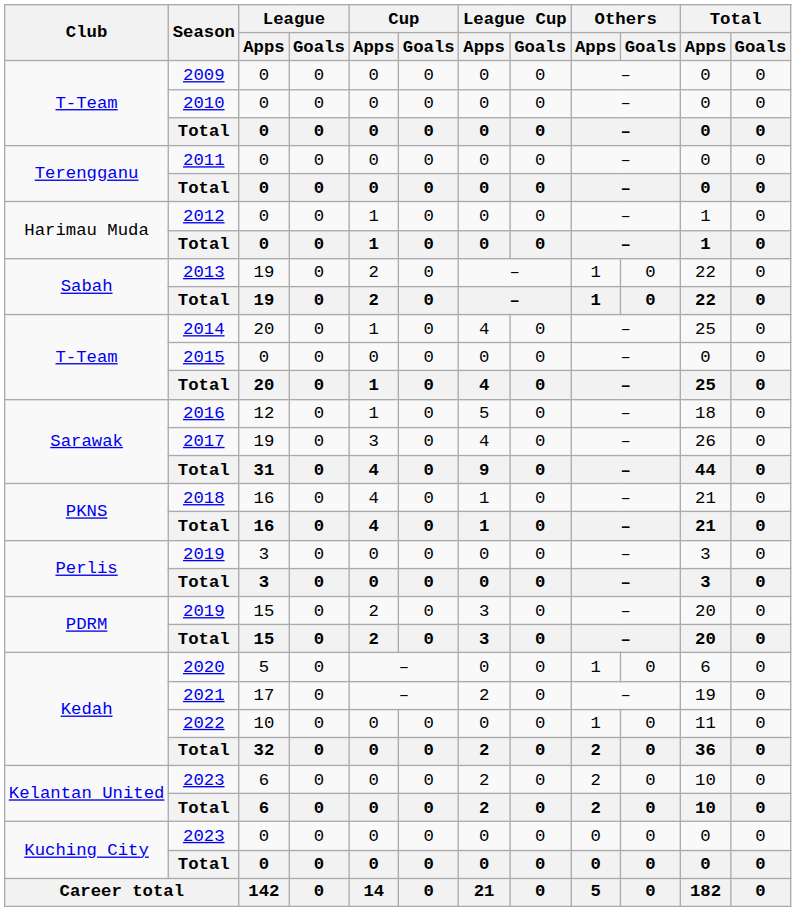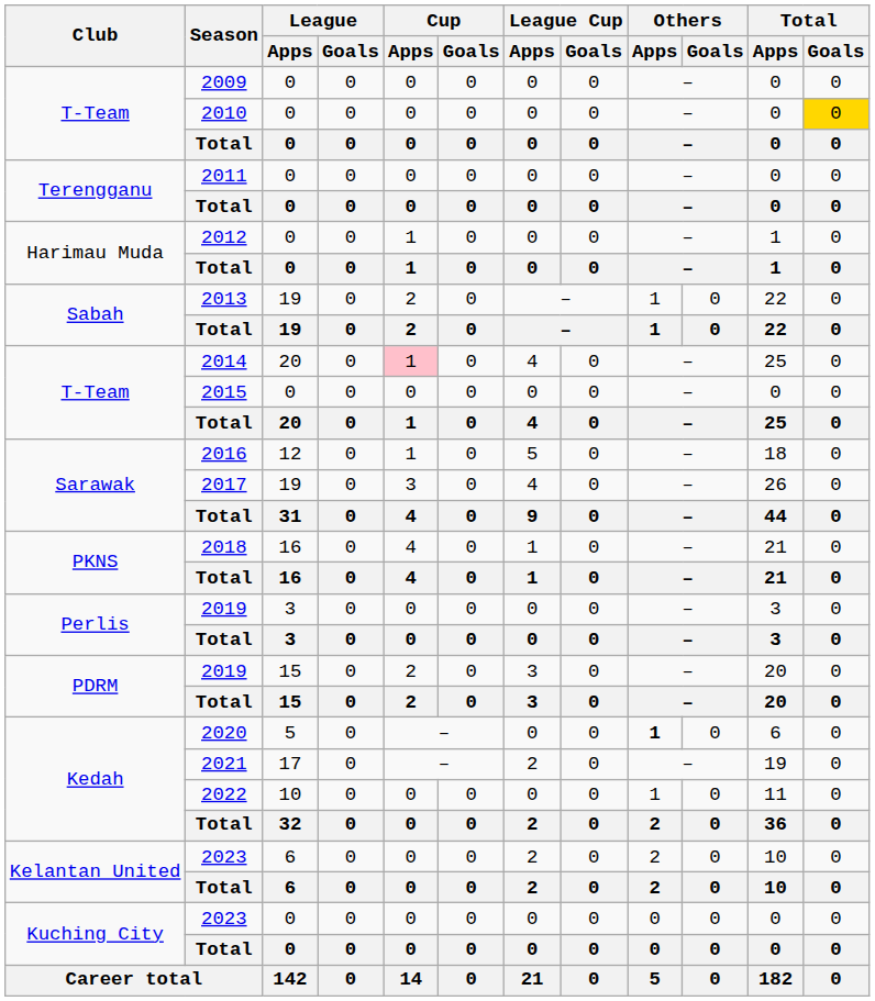 <table class="wikitable" style="text-align: center;">
 <tr>
 <th rowspan="2">Club</th>
 <th rowspan="2">Season</th>
 <th colspan="2">League</th>
 <th colspan="2">Cup</th>
 <th colspan="2">League Cup</th>
 <th colspan="2">Others</th>
 <th colspan="2">Total</th>
 </tr>
 <tr>
 <th>Apps</th>
 <th>Goals</th>
 <th>Apps</th>
 <th>Goals</th>
 <th>Apps</th>
 <th>Goals</th>
 <th>Apps</th>
 <th>Goals</th>
 <th>Apps</th>
 <th>Goals</th>
 </tr>
 <tr>
 <td rowspan="3" valign="center"><a href='#'>T-Team</a></td>
 <td><a href='#'>2009</a></td>
 <td>0</td>
 <td>0</td>
 <td>0</td>
 <td>0</td>
 <td>0</td>
 <td>0</td>
 <td colspan="2">–</td>
 <td>0</td>
 <td>0</td>
 </tr>
 <tr>
 <td><a href='#'>2010</a></td>
 <td>0</td>
 <td>0</td>
 <td>0</td>
 <td>0</td>
 <td>0</td>
 <td>0</td>
 <td colspan="2">–</td>
 <td>0</td>
-<td>0</td>
+<td style="background: gold;">0</td>
 </tr>
 <tr>
 <th>Total</th>
 <th>0</th>
 <th>0</th>
 <th>0</th>
 <th>0</th>
 <th>0</th>
 <th>0</th>
 <th colspan="2">–</th>
 <th>0</th>
 <th>0</th>
 </tr>
 <tr>
 <td rowspan="2" valign="center"><a href='#'>Terengganu</a></td>
 <td><a href='#'>2011</a></td>
 <td>0</td>
 <td>0</td>
 <td>0</td>
 <td>0</td>
 <td>0</td>
 <td>0</td>
 <td colspan="2">–</td>
 <td>0</td>
 <td>0</td>
 </tr>
 <tr>
 <th>Total</th>
 <th>0</th>
 <th>0</th>
 <th>0</th>
 <th>0</th>
 <th>0</th>
 <th>0</th>
 <th colspan="2">–</th>
 <th>0</th>
 <th>0</th>
 </tr>
 <tr>
 <td rowspan="2" valign="center">Harimau Muda</td>
 <td><a href='#'>2012</a></td>
 <td>0</td>
 <td>0</td>
 <td>1</td>
 <td>0</td>
 <td>0</td>
 <td>0</td>
 <td colspan="2">–</td>
 <td>1</td>
 <td>0</td>
 </tr>
 <tr>
 <th>Total</th>
 <th>0</th>
 <th>0</th>
 <th>1</th>
 <th>0</th>
 <th>0</th>
 <th>0</th>
 <th colspan="2">–</th>
 <th>1</th>
 <th>0</th>
 </tr>
 <tr>
 <td rowspan="2" valign="center"><a href='#'>Sabah</a></td>
 <td><a href='#'>2013</a></td>
 <td>19</td>
 <td>0</td>
 <td>2</td>
 <td>0</td>
 <td colspan="2">–</td>
 <td>1</td>
 <td>0</td>
 <td>22</td>
 <td>0</td>
 </tr>
 <tr>
 <th>Total</th>
 <th>19</th>
 <th>0</th>
 <th>2</th>
 <th>0</th>
 <th colspan="2">–</th>
 <th>1</th>
 <th>0</th>
 <th>22</th>
 <th>0</th>
 </tr>
 <tr>
 <td rowspan="3" valign="center"><a href='#'>T-Team</a></td>
 <td><a href='#'>2014</a></td>
 <td>20</td>
 <td>0</td>
-<td>1</td>
+<td style="background: pink;">1</td>
 <td>0</td>
 <td>4</td>
 <td>0</td>
 <td colspan="2">–</td>
 <td>25</td>
 <td>0</td>
 </tr>
 <tr>
 <td><a href='#'>2015</a></td>
 <td>0</td>
 <td>0</td>
 <td>0</td>
 <td>0</td>
 <td>0</td>
 <td>0</td>
 <td colspan="2">–</td>
 <td>0</td>
 <td>0</td>
 </tr>
 <tr>
 <th>Total</th>
 <th>20</th>
 <th>0</th>
 <th>1</th>
 <th>0</th>
 <th>4</th>
 <th>0</th>
 <th colspan="2">–</th>
 <th>25</th>
 <th>0</th>
 </tr>
 <tr>
 <td rowspan="3" valign="center"><a href='#'>Sarawak</a></td>
 <td><a href='#'>2016</a></td>
 <td>12</td>
 <td>0</td>
 <td>1</td>
 <td>0</td>
 <td>5</td>
 <td>0</td>
 <td colspan="2">–</td>
 <td>18</td>
 <td>0</td>
 </tr>
 <tr>
 <td><a href='#'>2017</a></td>
 <td>19</td>
 <td>0</td>
 <td>3</td>
 <td>0</td>
 <td>4</td>
 <td>0</td>
 <td colspan="2">–</td>
 <td>26</td>
 <td>0</td>
 </tr>
 <tr>
 <th>Total</th>
 <th>31</th>
 <th>0</th>
 <th>4</th>
 <th>0</th>
 <th>9</th>
 <th>0</th>
 <th colspan="2">–</th>
 <th>44</th>
 <th>0</th>
 </tr>
 <tr>
 <td rowspan="2" valign="center"><a href='#'>PKNS</a></td>
 <td><a href='#'>2018</a></td>
 <td>16</td>
 <td>0</td>
 <td>4</td>
 <td>0</td>
 <td>1</td>
 <td>0</td>
 <td colspan="2">–</td>
 <td>21</td>
 <td>0</td>
 </tr>
 <tr>
 <th>Total</th>
 <th>16</th>
 <th>0</th>
 <th>4</th>
 <th>0</th>
 <th>1</th>
 <th>0</th>
 <th colspan="2">–</th>
 <th>21</th>
 <th>0</th>
 </tr>
 <tr>
 <td rowspan="2" valign="center"><a href='#'>Perlis</a></td>
 <td><a href='#'>2019</a></td>
 <td>3</td>
 <td>0</td>
 <td>0</td>
 <td>0</td>
 <td>0</td>
 <td>0</td>
 <td colspan="2">–</td>
 <td>3</td>
 <td>0</td>
 </tr>
 <tr>
 <th>Total</th>
 <th>3</th>
 <th>0</th>
 <th>0</th>
 <th>0</th>
 <th>0</th>
 <th>0</th>
 <th colspan="2">–</th>
 <th>3</th>
 <th>0</th>
 </tr>
 <tr>
 <td rowspan="2" valign="center"><a href='#'>PDRM</a></td>
 <td><a href='#'>2019</a></td>
 <td>15</td>
 <td>0</td>
 <td>2</td>
 <td>0</td>
 <td>3</td>
 <td>0</td>
 <td colspan="2">–</td>
 <td>20</td>
 <td>0</td>
 </tr>
 <tr>
 <th>Total</th>
 <th>15</th>
 <th>0</th>
 <th>2</th>
 <th>0</th>
 <th>3</th>
 <th>0</th>
 <th colspan="2">–</th>
 <th>20</th>
 <th>0</th>
 </tr>
 <tr>
 <td rowspan="4" valign="center"><a href='#'>Kedah</a></td>
 <td><a href='#'>2020</a></td>
 <td>5</td>
 <td>0</td>
 <td colspan="2">–</td>
 <td>0</td>
 <td>0</td>
-<td>1</td>
+<td><strong>1</strong></td>
 <td>0</td>
 <td>6</td>
 <td>0</td>
 </tr>
 <tr>
 <td><a href='#'>2021</a></td>
 <td>17</td>
 <td>0</td>
 <td colspan="2">–</td>
 <td>2</td>
 <td>0</td>
 <td colspan="2">–</td>
 <td>19</td>
 <td>0</td>
 </tr>
 <tr>
 <td><a href='#'>2022</a></td>
 <td>10</td>
 <td>0</td>
 <td>0</td>
 <td>0</td>
 <td>0</td>
 <td>0</td>
 <td>1</td>
 <td>0</td>
 <td>11</td>
 <td>0</td>
 </tr>
 <tr>
 <th>Total</th>
 <th>32</th>
 <th>0</th>
 <th>0</th>
 <th>0</th>
 <th>2</th>
 <th>0</th>
 <th>2</th>
 <th>0</th>
 <th>36</th>
 <th>0</th>
 </tr>
 <tr>
 <td rowspan="2" valign="center"><a href='#'>Kelantan United</a></td>
 <td><a href='#'>2023</a></td>
 <td>6</td>
 <td>0</td>
 <td>0</td>
 <td>0</td>
 <td>2</td>
 <td>0</td>
 <td>2</td>
 <td>0</td>
 <td>10</td>
 <td>0</td>
 </tr>
 <tr>
 <th>Total</th>
 <th>6</th>
 <th>0</th>
 <th>0</th>
 <th>0</th>
 <th>2</th>
 <th>0</th>
 <th>2</th>
 <th>0</th>
 <th>10</th>
 <th>0</th>
 </tr>
 <tr>
 <td rowspan="2" valign="center"><a href='#'>Kuching City</a></td>
 <td><a href='#'>2023</a></td>
 <td>0</td>
 <td>0</td>
 <td>0</td>
 <td>0</td>
 <td>0</td>
 <td>0</td>
 <td>0</td>
 <td>0</td>
 <td>0</td>
 <td>0</td>
 </tr>
 <tr>
 <th>Total</th>
 <th>0</th>
 <th>0</th>
 <th>0</th>
 <th>0</th>
 <th>0</th>
 <th>0</th>
 <th>0</th>
 <th>0</th>
 <th>0</th>
 <th>0</th>
 </tr>
 <tr>
 <th colspan="2">Career total</th>
 <th>142</th>
 <th>0</th>
 <th>14</th>
 <th>0</th>
 <th>21</th>
 <th>0</th>
 <th>5</th>
 <th>0</th>
 <th>182</th>
 <th>0</th>
 </tr>
 </table>
